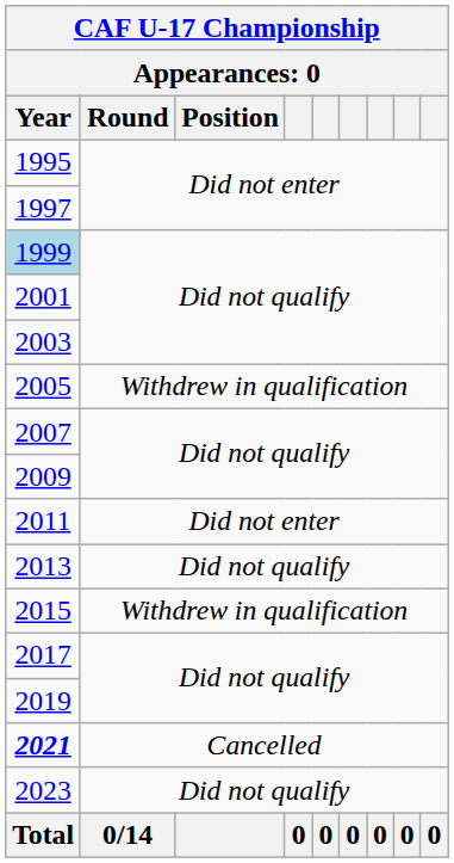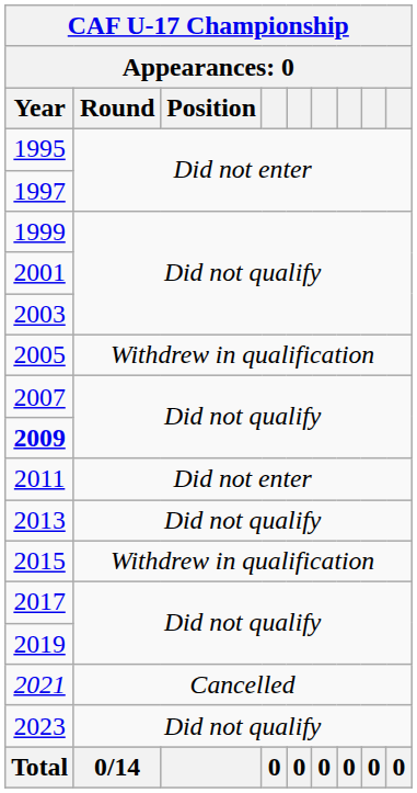 <table class="wikitable" style="text-align: center;">
 <tr>
 <th colspan=9><a href='#'>CAF U-17 Championship</a></th>
 </tr>
 <tr>
 <th colspan=9>Appearances: 0</th>
 </tr>
 <tr>
 <th>Year</th>
 <th>Round</th>
 <th>Position</th>
 <th></th>
 <th></th>
 <th></th>
 <th></th>
 <th></th>
 <th></th>
 </tr>
 <tr>
 <td> <a href='#'>1995</a></td>
 <td colspan=8 rowspan=2><em>Did not enter</em></td>
 </tr>
 <tr>
 <td> <a href='#'>1997</a></td>
 </tr>
 <tr>
-<td style="background: lightblue;"> <a href='#'>1999</a></td>
+<td> <a href='#'>1999</a></td>
 <td colspan=8 rowspan=3><em>Did not qualify</em></td>
 </tr>
 <tr>
 <td> <a href='#'>2001</a></td>
 </tr>
 <tr>
 <td> <a href='#'>2003</a></td>
 </tr>
 <tr>
 <td> <a href='#'>2005</a></td>
 <td colspan=8 rowspan=1><em>Withdrew in qualification</em></td>
 </tr>
 <tr>
 <td> <a href='#'>2007</a></td>
 <td colspan=8 rowspan=2><em>Did not qualify</em></td>
 </tr>
 <tr>
-<td> <a href='#'>2009</a></td>
+<td><strong> <a href='#'>2009</a></strong></td>
 </tr>
 <tr>
 <td> <a href='#'>2011</a></td>
 <td colspan=8 rowspan=1><em>Did not enter</em></td>
 </tr>
 <tr>
 <td> <a href='#'>2013</a></td>
 <td colspan=8 rowspan=1><em>Did not qualify</em></td>
 </tr>
 <tr>
 <td> <a href='#'>2015</a></td>
 <td colspan=8 rowspan=1><em>Withdrew in qualification</em></td>
 </tr>
 <tr>
 <td> <a href='#'>2017</a></td>
 <td colspan=8 rowspan=2><em>Did not qualify</em></td>
 </tr>
 <tr>
 <td> <a href='#'>2019</a></td>
 </tr>
 <tr>
-<td><strong> <em><a href='#'>2021</a></em></strong></td>
+<td> <em><a href='#'>2021</a></em></td>
 <td colspan=8 rowspan=1><em>Cancelled</em></td>
 </tr>
 <tr>
 <td> <a href='#'>2023</a></td>
 <td colspan=8 rowspan=1><em>Did not qualify</em></td>
 </tr>
 <tr>
 <th>Total</th>
 <th>0/14</th>
 <th></th>
 <th>0</th>
 <th>0</th>
 <th>0</th>
 <th>0</th>
 <th>0</th>
 <th>0</th>
 </tr>
 </table>
